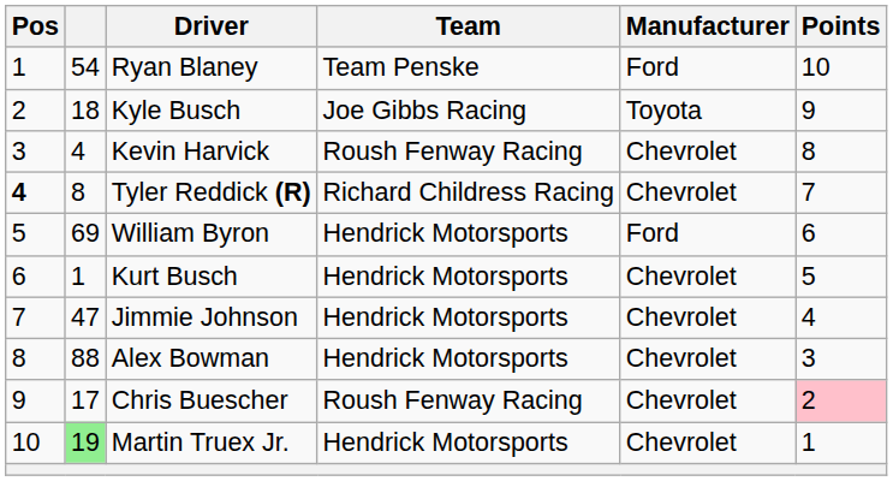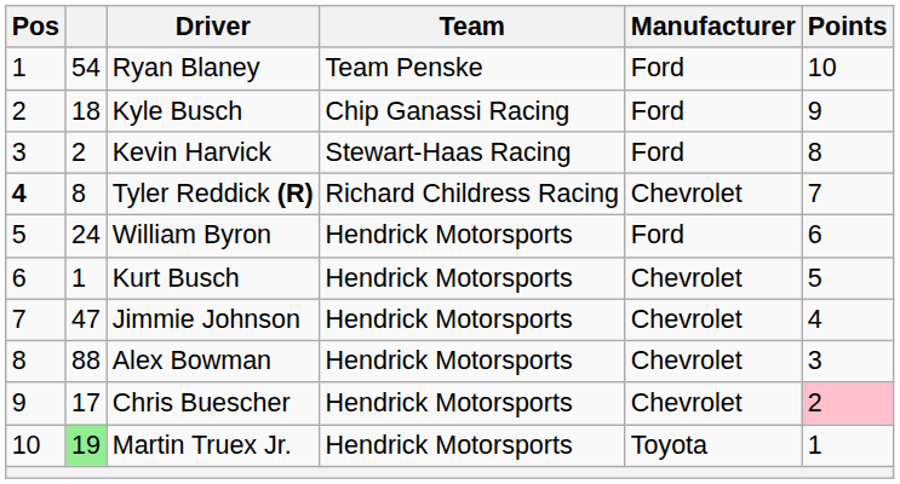 <table class="wikitable" style="font-size:98%">
 <tr>
 <th>Pos</th>
 <th></th>
 <th>Driver</th>
 <th>Team</th>
 <th>Manufacturer</th>
 <th>Points</th>
 </tr>
 <tr>
 <td>1</td>
 <td>54</td>
 <td>Ryan Blaney</td>
 <td>Team Penske</td>
 <td>Ford</td>
 <td>10</td>
 </tr>
 <tr>
 <td>2</td>
 <td>18</td>
 <td>Kyle Busch</td>
-<td>Joe Gibbs Racing</td>
-<td>Toyota</td>
+<td>Chip Ganassi Racing</td>
+<td>Ford</td>
 <td>9</td>
 </tr>
 <tr>
 <td>3</td>
-<td>4</td>
+<td>2</td>
 <td>Kevin Harvick</td>
-<td>Roush Fenway Racing</td>
-<td>Chevrolet</td>
+<td>Stewart-Haas Racing</td>
+<td>Ford</td>
 <td>8</td>
 </tr>
 <tr>
 <td><strong>4</strong></td>
 <td>8</td>
 <td>Tyler Reddick <strong>(R)</strong></td>
 <td>Richard Childress Racing</td>
 <td>Chevrolet</td>
 <td>7</td>
 </tr>
 <tr>
 <td>5</td>
-<td>69</td>
+<td>24</td>
 <td>William Byron</td>
 <td>Hendrick Motorsports</td>
 <td>Ford</td>
 <td>6</td>
 </tr>
 <tr>
 <td>6</td>
 <td>1</td>
 <td>Kurt Busch</td>
 <td>Hendrick Motorsports</td>
 <td>Chevrolet</td>
 <td>5</td>
 </tr>
 <tr>
 <td>7</td>
 <td>47</td>
 <td>Jimmie Johnson</td>
 <td>Hendrick Motorsports</td>
 <td>Chevrolet</td>
 <td>4</td>
 </tr>
 <tr>
 <td>8</td>
 <td>88</td>
 <td>Alex Bowman</td>
 <td>Hendrick Motorsports</td>
 <td>Chevrolet</td>
 <td>3</td>
 </tr>
 <tr>
 <td>9</td>
 <td>17</td>
 <td>Chris Buescher</td>
-<td>Roush Fenway Racing</td>
+<td>Hendrick Motorsports</td>
 <td>Chevrolet</td>
 <td style="background: pink;">2</td>
 </tr>
 <tr>
 <td>10</td>
 <td style="background: lightgreen;">19</td>
 <td>Martin Truex Jr.</td>
 <td>Hendrick Motorsports</td>
-<td>Chevrolet</td>
+<td>Toyota</td>
 <td>1</td>
 </tr>
 <tr>
 <th colspan="6"></th>
 </tr>
 </table>
